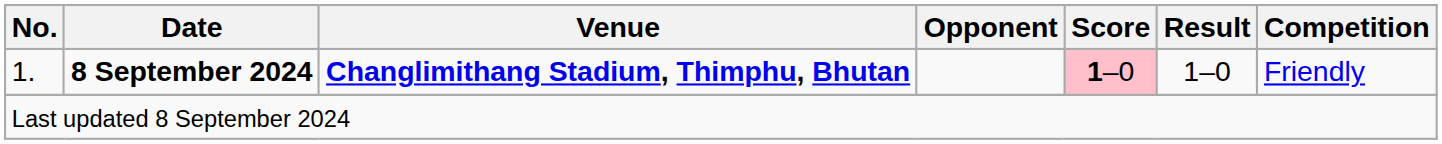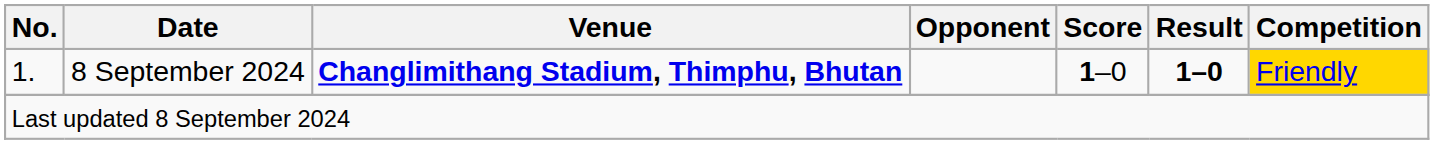 <table class="wikitable" style="font-size:85%;">
 <tr>
 <th>No.</th>
 <th>Date</th>
 <th>Venue</th>
 <th>Opponent</th>
 <th>Score</th>
 <th>Result</th>
 <th>Competition</th>
 </tr>
 <tr>
 <td>1.</td>
-<td><strong>8 September 2024</strong></td>
+<td>8 September 2024</td>
 <td><strong><a href='#'>Changlimithang Stadium</a>, <a href='#'>Thimphu</a>, <a href='#'>Bhutan</a></strong></td>
 <td></td>
-<td align=center style="background: pink;"><strong>1</strong>–0</td>
-<td align=center>1–0</td>
-<td><a href='#'>Friendly</a></td>
+<td align=center><strong>1</strong>–0</td>
+<td align=center><strong>1–0</strong></td>
+<td style="background: gold;"><a href='#'>Friendly</a></td>
 </tr>
 <tr>
 </tr>
 <tr>
 <td colspan="7"><small>Last updated 8 September 2024</small></td>
 </tr>
 </table>
